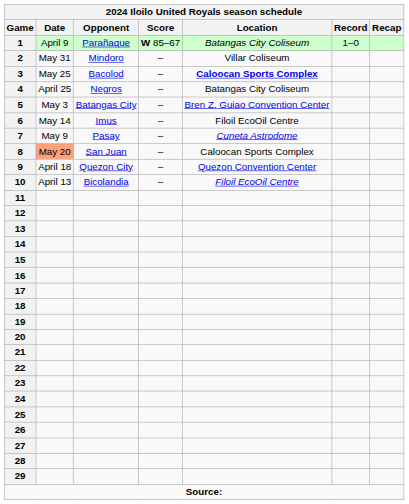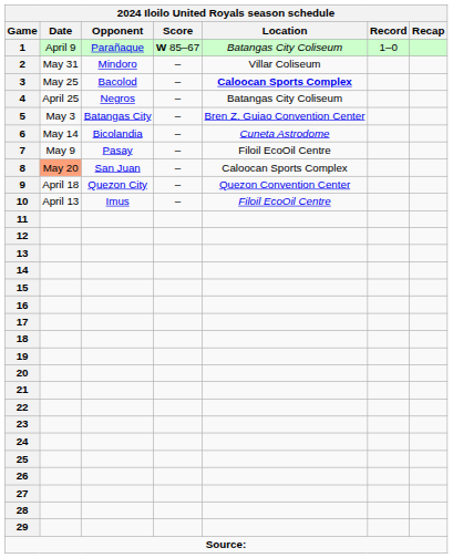 <table class="wikitable" style="text-align:center">
 <tr>
 <th colspan=7>2024 Iloilo United Royals season schedule</th>
 </tr>
 <tr>
 <th>Game</th>
 <th>Date</th>
 <th>Opponent</th>
 <th>Score</th>
 <th>Location</th>
 <th>Record</th>
 <th>Recap<br></th>
 </tr>
 <tr style="background:#cfc">
 <th>1</th>
 <td>April 9</td>
 <td><a href='#'>Parañaque</a></td>
 <td><strong>W</strong> 85–67</td>
 <td><em>Batangas City Coliseum</em></td>
 <td>1–0</td>
 <td></td>
 </tr>
 <tr>
 <th>2</th>
 <td>May 31</td>
 <td><a href='#'>Mindoro</a></td>
 <td>–</td>
 <td>Villar Coliseum</td>
 <td></td>
 <td></td>
 </tr>
 <tr>
 <th>3</th>
 <td>May 25</td>
 <td><a href='#'>Bacolod</a></td>
 <td>–</td>
 <td><strong><a href='#'>Caloocan Sports Complex</a></strong></td>
 <td></td>
 <td></td>
 </tr>
 <tr>
 <th>4</th>
 <td>April 25</td>
 <td><a href='#'>Negros</a></td>
 <td>–</td>
 <td>Batangas City Coliseum</td>
 <td></td>
 <td></td>
 </tr>
 <tr>
 <th>5</th>
 <td>May 3</td>
 <td><a href='#'>Batangas City</a></td>
 <td>–</td>
 <td><a href='#'>Bren Z. Guiao Convention Center</a></td>
 <td></td>
 <td></td>
 </tr>
 <tr>
 <th>6</th>
 <td>May 14</td>
-<td><a href='#'>Imus</a></td>
+<td><a href='#'>Bicolandia</a></td>
 <td>–</td>
-<td>Filoil EcoOil Centre</td>
+<td><em><a href='#'>Cuneta Astrodome</a></em></td>
 <td></td>
 <td></td>
 </tr>
 <tr>
 <th>7</th>
 <td>May 9</td>
 <td><a href='#'>Pasay</a></td>
 <td>–</td>
-<td><em><a href='#'>Cuneta Astrodome</a></em></td>
+<td>Filoil EcoOil Centre</td>
 <td></td>
 <td></td>
 </tr>
 <tr>
 <th>8</th>
 <td style="background: lightsalmon;">May 20</td>
 <td><a href='#'>San Juan</a></td>
 <td>–</td>
 <td>Caloocan Sports Complex</td>
 <td></td>
 <td></td>
 </tr>
 <tr>
 <th>9</th>
 <td>April 18</td>
 <td><a href='#'>Quezon City</a></td>
 <td>–</td>
 <td><a href='#'>Quezon Convention Center</a></td>
 <td></td>
 <td></td>
 </tr>
 <tr>
 <th>10</th>
 <td>April 13</td>
-<td><a href='#'>Bicolandia</a></td>
+<td><a href='#'>Imus</a></td>
 <td>–</td>
 <td><em><a href='#'>Filoil EcoOil Centre</a></em></td>
 <td></td>
 <td><br></td>
 </tr>
 <tr>
 <th>11</th>
 <td></td>
 <td></td>
 <td></td>
 <td></td>
 <td></td>
 <td></td>
 </tr>
 <tr>
 <th>12</th>
 <td></td>
 <td></td>
 <td></td>
 <td></td>
 <td></td>
 <td></td>
 </tr>
 <tr>
 <th>13</th>
 <td></td>
 <td></td>
 <td></td>
 <td></td>
 <td></td>
 <td></td>
 </tr>
 <tr>
 <th>14</th>
 <td></td>
 <td></td>
 <td></td>
 <td></td>
 <td></td>
 <td></td>
 </tr>
 <tr>
 <th>15</th>
 <td></td>
 <td></td>
 <td></td>
 <td></td>
 <td></td>
 <td></td>
 </tr>
 <tr>
 <th>16</th>
 <td></td>
 <td></td>
 <td></td>
 <td></td>
 <td></td>
 <td></td>
 </tr>
 <tr>
 <th>17</th>
 <td></td>
 <td></td>
 <td></td>
 <td></td>
 <td></td>
 <td></td>
 </tr>
 <tr>
 <th>18</th>
 <td></td>
 <td></td>
 <td></td>
 <td></td>
 <td></td>
 <td></td>
 </tr>
 <tr>
 <th>19</th>
 <td></td>
 <td></td>
 <td></td>
 <td></td>
 <td></td>
 <td></td>
 </tr>
 <tr>
 <th>20</th>
 <td></td>
 <td></td>
 <td></td>
 <td></td>
 <td></td>
 <td><br></td>
 </tr>
 <tr>
 <th>21</th>
 <td></td>
 <td></td>
 <td></td>
 <td></td>
 <td></td>
 <td></td>
 </tr>
 <tr>
 <th>22</th>
 <td></td>
 <td></td>
 <td></td>
 <td></td>
 <td></td>
 <td></td>
 </tr>
 <tr>
 <th>23</th>
 <td></td>
 <td></td>
 <td></td>
 <td></td>
 <td></td>
 <td></td>
 </tr>
 <tr>
 <th>24</th>
 <td></td>
 <td></td>
 <td></td>
 <td></td>
 <td></td>
 <td></td>
 </tr>
 <tr>
 <th>25</th>
 <td></td>
 <td></td>
 <td></td>
 <td></td>
 <td></td>
 <td></td>
 </tr>
 <tr>
 <th>26</th>
 <td></td>
 <td></td>
 <td></td>
 <td></td>
 <td></td>
 <td></td>
 </tr>
 <tr>
 <th>27</th>
 <td></td>
 <td></td>
 <td></td>
 <td></td>
 <td></td>
 <td></td>
 </tr>
 <tr>
 <th>28</th>
 <td></td>
 <td></td>
 <td></td>
 <td></td>
 <td></td>
 <td></td>
 </tr>
 <tr>
 <th>29</th>
 <td></td>
 <td></td>
 <td></td>
 <td></td>
 <td></td>
 <td></td>
 </tr>
 <tr>
 <td colspan=7 align=center><strong>Source: </strong></td>
 </tr>
 </table>
